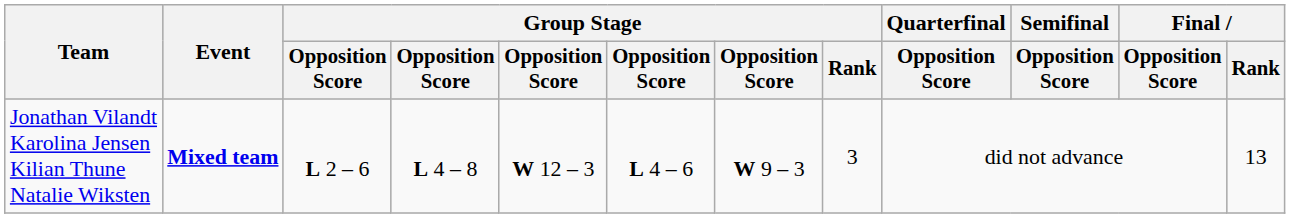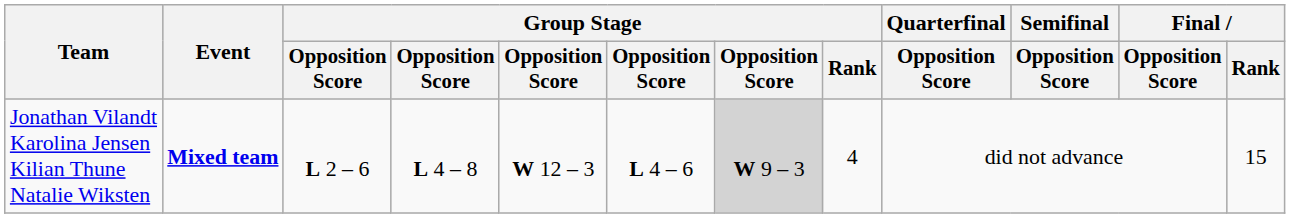 <table class="wikitable" style="font-size:90%">
 <tr>
 <th rowspan=2>Team</th>
 <th rowspan=2>Event</th>
 <th colspan=6>Group Stage</th>
 <th>Quarterfinal</th>
 <th>Semifinal</th>
 <th colspan=2>Final / </th>
 </tr>
 <tr style="font-size:95%">
 <th>Opposition<br>Score</th>
 <th>Opposition<br>Score</th>
 <th>Opposition<br>Score</th>
 <th>Opposition<br>Score</th>
 <th>Opposition<br>Score</th>
 <th>Rank</th>
 <th>Opposition<br>Score</th>
 <th>Opposition<br>Score</th>
 <th>Opposition<br>Score</th>
 <th>Rank</th>
 </tr>
 <tr align=center>
 <td align=left><a href='#'>Jonathan Vilandt</a><br><a href='#'>Karolina Jensen</a><br><a href='#'>Kilian Thune</a><br><a href='#'>Natalie Wiksten</a></td>
 <td align=left><strong><a href='#'>Mixed team</a></strong></td>
 <td><br><strong>L</strong> 2 – 6</td>
 <td><br><strong>L</strong> 4 – 8</td>
 <td><br><strong>W</strong> 12 – 3</td>
 <td><br><strong>L</strong> 4 – 6</td>
-<td><br><strong>W</strong> 9 – 3</td>
-<td>3</td>
+<td style="background: lightgrey;"><br><strong>W</strong> 9 – 3</td>
+<td>4</td>
 <td align=center colspan=3>did not advance</td>
-<td>13</td>
+<td>15</td>
 </tr>
 </table>
